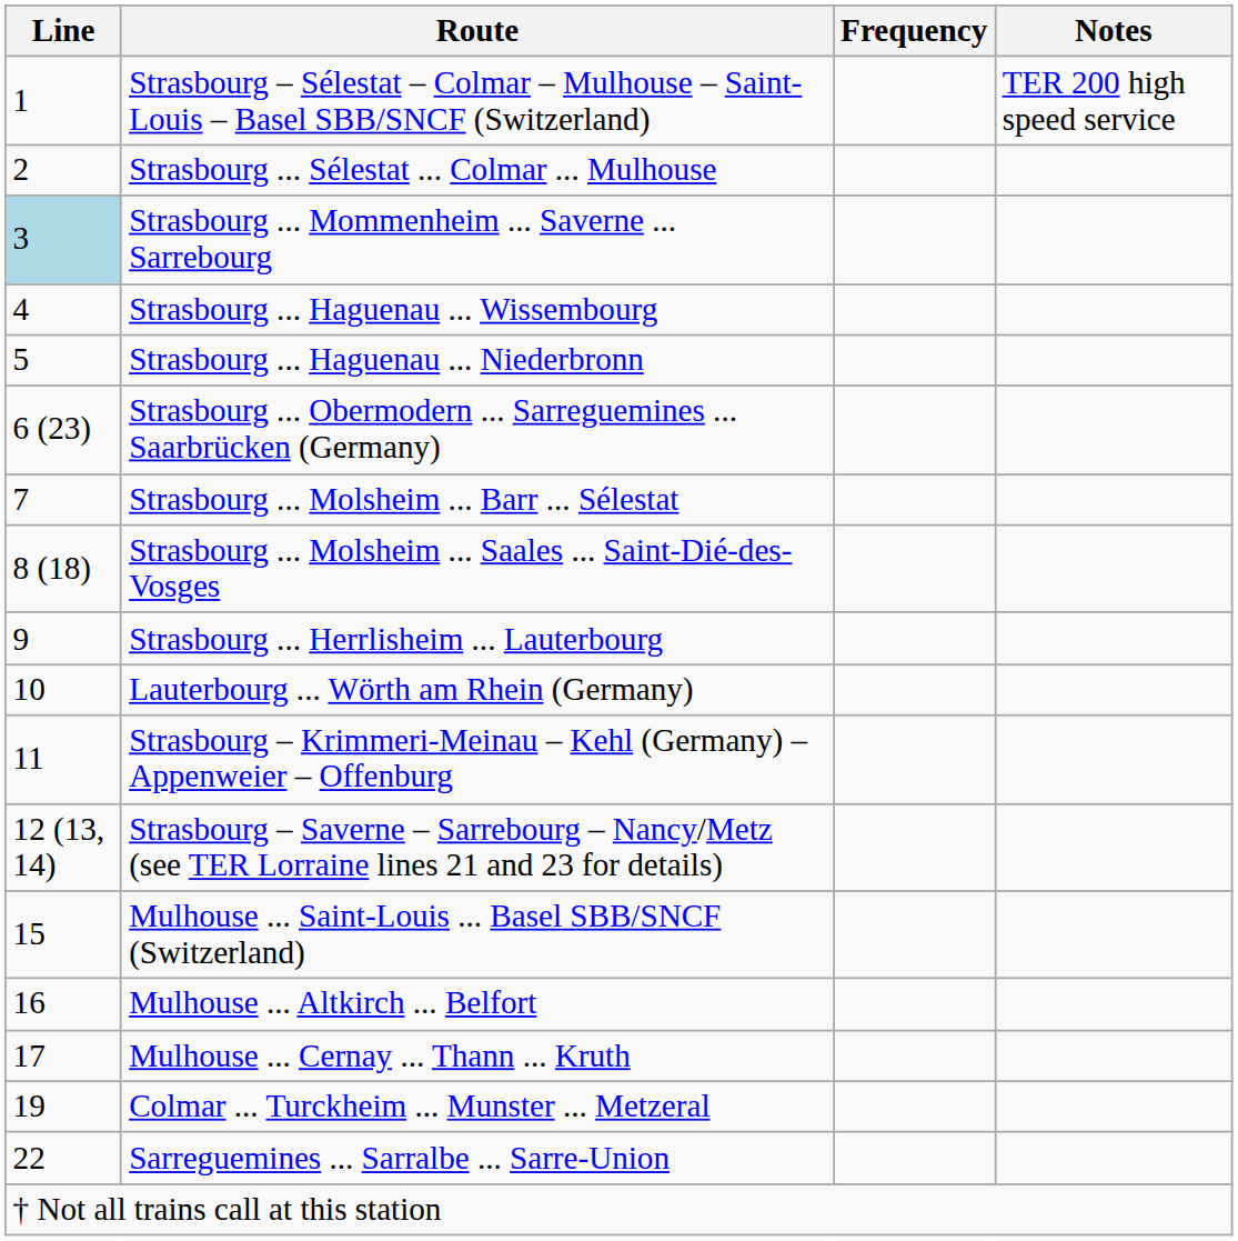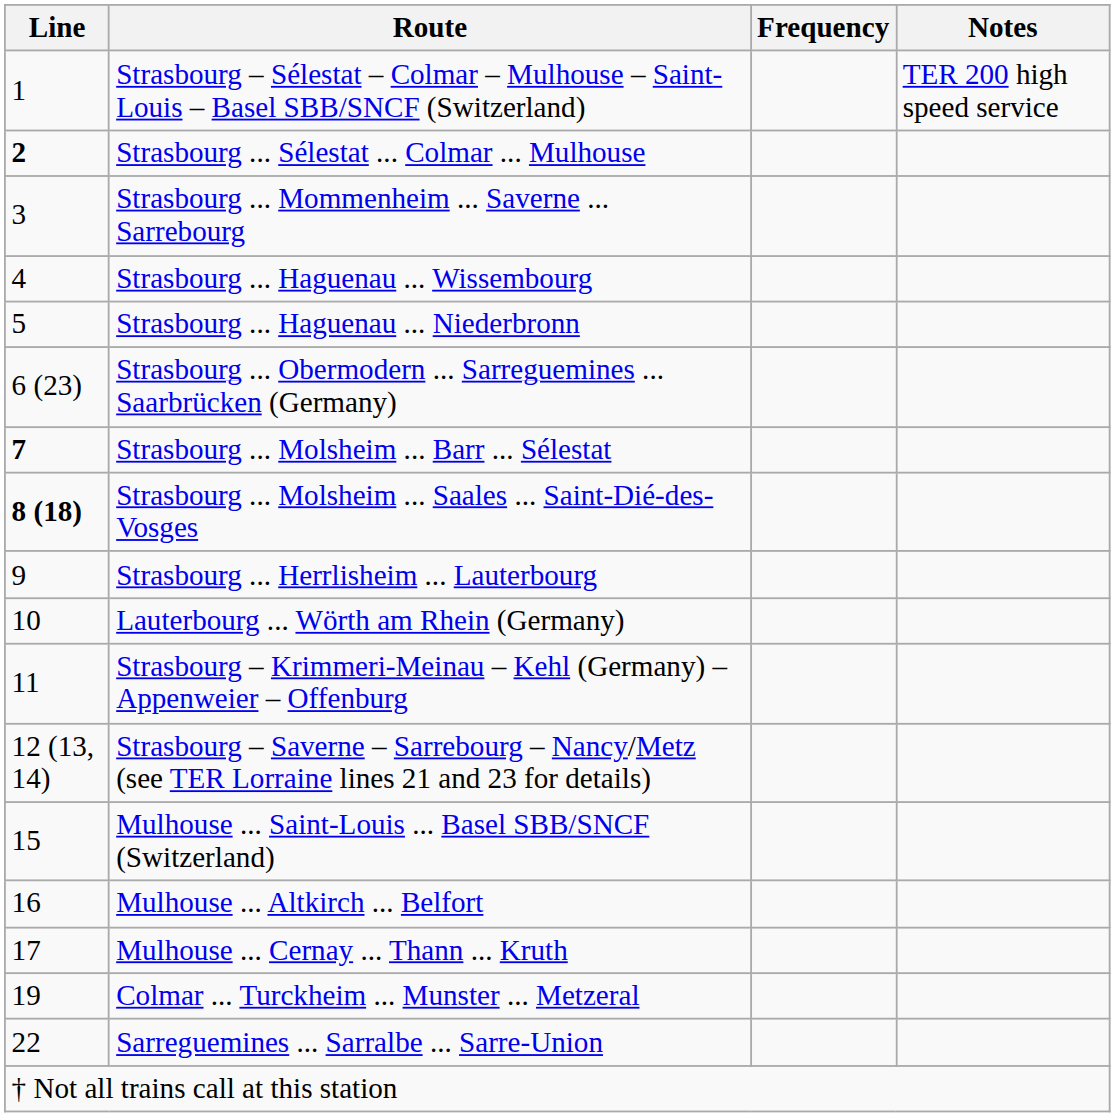 <table class="wikitable vatop">
 <tr>
 <th>Line</th>
 <th>Route</th>
 <th>Frequency</th>
 <th>Notes</th>
 </tr>
 <tr>
 <td>1</td>
 <td><a href='#'>Strasbourg</a> – <a href='#'>Sélestat</a> – <a href='#'>Colmar</a> – <a href='#'>Mulhouse</a> – <a href='#'>Saint-Louis</a> – <a href='#'>Basel SBB/SNCF</a> (Switzerland)</td>
 <td></td>
 <td><a href='#'>TER 200</a> high speed service</td>
 </tr>
 <tr>
-<td>2</td>
+<td><strong>2</strong></td>
 <td><a href='#'>Strasbourg</a> ... <a href='#'>Sélestat</a> ... <a href='#'>Colmar</a> ... <a href='#'>Mulhouse</a></td>
 <td></td>
 <td></td>
 </tr>
 <tr>
-<td style="background: lightblue;">3</td>
+<td>3</td>
 <td><a href='#'>Strasbourg</a> ... <a href='#'>Mommenheim</a> ... <a href='#'>Saverne</a> ... <a href='#'>Sarrebourg</a></td>
 <td></td>
 <td></td>
 </tr>
 <tr>
 <td>4</td>
 <td><a href='#'>Strasbourg</a> ... <a href='#'>Haguenau</a> ... <a href='#'>Wissembourg</a></td>
 <td></td>
 <td></td>
 </tr>
 <tr>
 <td>5</td>
 <td><a href='#'>Strasbourg</a> ... <a href='#'>Haguenau</a> ... <a href='#'>Niederbronn</a></td>
 <td></td>
 <td></td>
 </tr>
 <tr>
 <td>6 (23)</td>
 <td><a href='#'>Strasbourg</a> ... <a href='#'>Obermodern</a> ... <a href='#'>Sarreguemines</a> ... <a href='#'>Saarbrücken</a> (Germany)</td>
 <td></td>
 <td></td>
 </tr>
 <tr>
-<td>7</td>
+<td><strong>7</strong></td>
 <td><a href='#'>Strasbourg</a> ... <a href='#'>Molsheim</a> ... <a href='#'>Barr</a> ... <a href='#'>Sélestat</a></td>
 <td></td>
 <td></td>
 </tr>
 <tr>
-<td>8 (18)</td>
+<td><strong>8 (18)</strong></td>
 <td><a href='#'>Strasbourg</a> ... <a href='#'>Molsheim</a> ... <a href='#'>Saales</a> ... <a href='#'>Saint-Dié-des-Vosges</a></td>
 <td></td>
 <td></td>
 </tr>
 <tr>
 <td>9</td>
 <td><a href='#'>Strasbourg</a> ... <a href='#'>Herrlisheim</a> ... <a href='#'>Lauterbourg</a></td>
 <td></td>
 <td></td>
 </tr>
 <tr>
 <td>10</td>
 <td><a href='#'>Lauterbourg</a> ... <a href='#'>Wörth am Rhein</a> (Germany)</td>
 <td></td>
 <td></td>
 </tr>
 <tr>
 <td>11</td>
 <td><a href='#'>Strasbourg</a> – <a href='#'>Krimmeri-Meinau</a> – <a href='#'>Kehl</a> (Germany) – <a href='#'>Appenweier</a> – <a href='#'>Offenburg</a></td>
 <td></td>
 <td></td>
 </tr>
 <tr>
 <td>12 (13, 14)</td>
 <td><a href='#'>Strasbourg</a> – <a href='#'>Saverne</a> – <a href='#'>Sarrebourg</a> – <a href='#'>Nancy</a>/<a href='#'>Metz</a> (see <a href='#'>TER Lorraine</a> lines 21 and 23 for details)</td>
 <td></td>
 <td></td>
 </tr>
 <tr>
 <td>15</td>
 <td><a href='#'>Mulhouse</a> ... <a href='#'>Saint-Louis</a> ... <a href='#'>Basel SBB/SNCF</a> (Switzerland)</td>
 <td></td>
 <td></td>
 </tr>
 <tr>
 <td>16</td>
 <td><a href='#'>Mulhouse</a> ... <a href='#'>Altkirch</a> ... <a href='#'>Belfort</a></td>
 <td></td>
 <td></td>
 </tr>
 <tr>
 <td>17</td>
 <td><a href='#'>Mulhouse</a> ... <a href='#'>Cernay</a> ... <a href='#'>Thann</a> ... <a href='#'>Kruth</a></td>
 <td></td>
 <td></td>
 </tr>
 <tr>
 <td>19</td>
 <td><a href='#'>Colmar</a> ... <a href='#'>Turckheim</a> ... <a href='#'>Munster</a> ... <a href='#'>Metzeral</a></td>
 <td></td>
 <td></td>
 </tr>
 <tr>
 <td>22</td>
 <td><a href='#'>Sarreguemines</a> ... <a href='#'>Sarralbe</a> ... <a href='#'>Sarre-Union</a></td>
 <td></td>
 <td></td>
 </tr>
 <tr>
 <td colspan=4>† Not all trains call at this station</td>
 </tr>
 </table>
